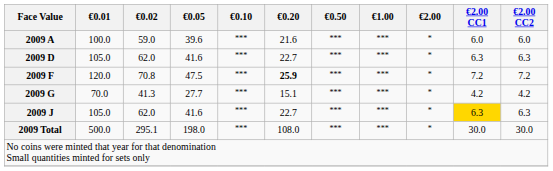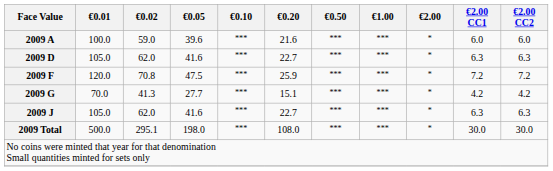 <table class="wikitable" style="text-align:center">
 <tr>
 <th align=left width=110px>Face Value</th>
 <th align=left width=70px>€0.01</th>
 <th align=left width=70px>€0.02</th>
 <th align=left width=70px>€0.05</th>
 <th align=left width=70px>€0.10</th>
 <th align=left width=70px>€0.20</th>
 <th align=left width=70px>€0.50</th>
 <th align=left width=70px>€1.00</th>
 <th align=left width=70px>€2.00</th>
 <th align=left width=70px><a href='#'>€2.00 CC1</a></th>
 <th align=left width=70px><a href='#'>€2.00 CC2</a></th>
 </tr>
 <tr>
 <th>2009 A</th>
 <td>100.0</td>
 <td>59.0</td>
 <td>39.6</td>
 <td><sup>***</sup></td>
 <td>21.6</td>
 <td><sup>***</sup></td>
 <td><sup>***</sup></td>
 <td><sup>*</sup></td>
 <td>6.0</td>
 <td>6.0</td>
 </tr>
 <tr>
 <th>2009 D</th>
 <td>105.0</td>
 <td>62.0</td>
 <td>41.6</td>
 <td><sup>***</sup></td>
 <td>22.7</td>
 <td><sup>***</sup></td>
 <td><sup>***</sup></td>
 <td><sup>*</sup></td>
 <td>6.3</td>
 <td>6.3</td>
 </tr>
 <tr>
 <th>2009 F</th>
 <td>120.0</td>
 <td>70.8</td>
 <td>47.5</td>
 <td><sup>***</sup></td>
-<td><strong>25.9</strong></td>
+<td>25.9</td>
 <td><sup>***</sup></td>
 <td><sup>***</sup></td>
 <td><sup>*</sup></td>
 <td>7.2</td>
 <td>7.2</td>
 </tr>
 <tr>
 <th>2009 G</th>
 <td>70.0</td>
 <td>41.3</td>
 <td>27.7</td>
 <td><sup>***</sup></td>
 <td>15.1</td>
 <td><sup>***</sup></td>
 <td><sup>***</sup></td>
 <td><sup>*</sup></td>
 <td>4.2</td>
 <td>4.2</td>
 </tr>
 <tr>
 <th>2009 J</th>
 <td>105.0</td>
 <td>62.0</td>
 <td>41.6</td>
 <td><sup>***</sup></td>
 <td>22.7</td>
 <td><sup>***</sup></td>
 <td><sup>***</sup></td>
 <td><sup>*</sup></td>
-<td style="background: gold;">6.3</td>
+<td>6.3</td>
 <td>6.3</td>
 </tr>
 <tr>
 <th>2009 Total</th>
 <td>500.0</td>
 <td>295.1</td>
 <td>198.0</td>
 <td><sup>***</sup></td>
 <td>108.0</td>
 <td><sup>***</sup></td>
 <td><sup>***</sup></td>
 <td><sup>*</sup></td>
 <td>30.0</td>
 <td>30.0</td>
 </tr>
 <tr>
 <td align=left colspan=11> No coins were minted that year for that denomination<br> Small quantities minted for sets only</td>
 </tr>
 <tr>
 </tr>
 </table>
